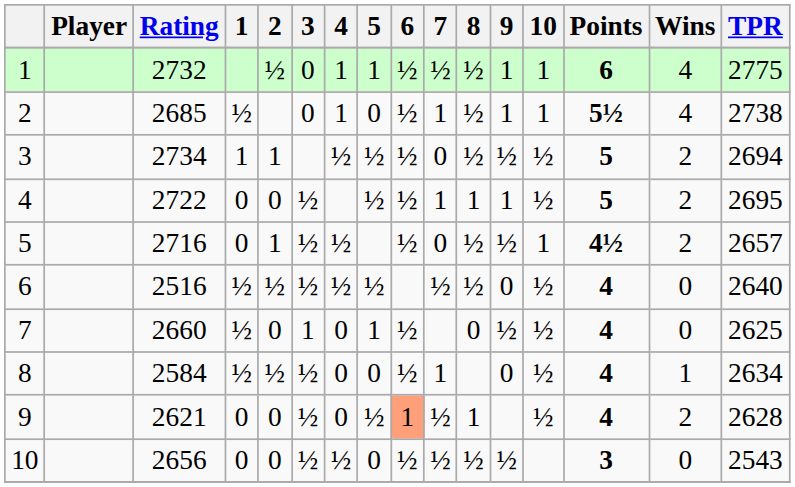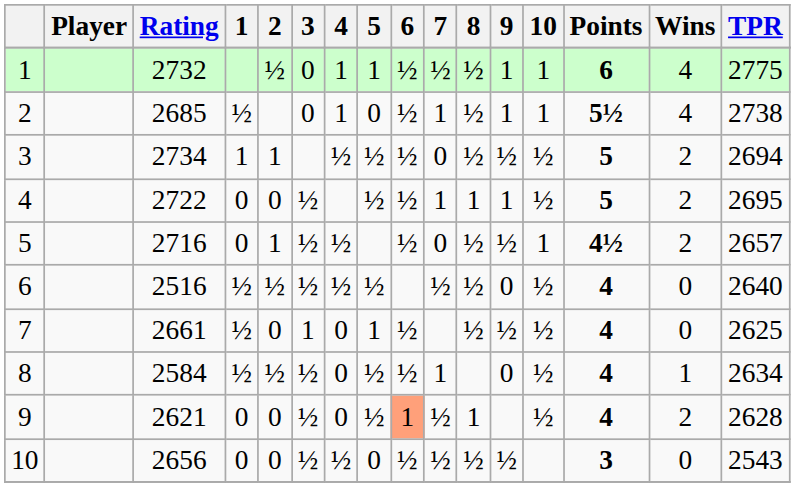 <table class="wikitable" style="text-align:center;">
 <tr>
 <th></th>
 <th>Player</th>
 <th><a href='#'>Rating</a></th>
 <th>1</th>
 <th>2</th>
 <th>3</th>
 <th>4</th>
 <th>5</th>
 <th>6</th>
 <th>7</th>
 <th>8</th>
 <th>9</th>
 <th>10</th>
 <th>Points</th>
 <th>Wins</th>
 <th><a href='#'>TPR</a></th>
 </tr>
 <tr>
 </tr>
 <tr style="background:#ccffcc;">
 <td>1</td>
 <td align=left><strong></strong></td>
 <td>2732</td>
 <td></td>
 <td>½</td>
 <td>0</td>
 <td>1</td>
 <td>1</td>
 <td>½</td>
 <td>½</td>
 <td>½</td>
 <td>1</td>
 <td>1</td>
 <td><strong>6</strong></td>
 <td>4</td>
 <td>2775</td>
 </tr>
 <tr>
 <td>2</td>
 <td align=left></td>
 <td>2685</td>
 <td>½</td>
 <td></td>
 <td>0</td>
 <td>1</td>
 <td>0</td>
 <td>½</td>
 <td>1</td>
 <td>½</td>
 <td>1</td>
 <td>1</td>
 <td><strong>5½</strong></td>
 <td>4</td>
 <td>2738</td>
 </tr>
 <tr>
 <td>3</td>
 <td align=left></td>
 <td>2734</td>
 <td>1</td>
 <td>1</td>
 <td></td>
 <td>½</td>
 <td>½</td>
 <td>½</td>
 <td>0</td>
 <td>½</td>
 <td>½</td>
 <td>½</td>
 <td><strong>5</strong></td>
 <td>2</td>
 <td>2694</td>
 </tr>
 <tr>
 <td>4</td>
 <td align=left></td>
 <td>2722</td>
 <td>0</td>
 <td>0</td>
 <td>½</td>
 <td></td>
 <td>½</td>
 <td>½</td>
 <td>1</td>
 <td>1</td>
 <td>1</td>
 <td>½</td>
 <td><strong>5</strong></td>
 <td>2</td>
 <td>2695</td>
 </tr>
 <tr>
 <td>5</td>
 <td align=left></td>
 <td>2716</td>
 <td>0</td>
 <td>1</td>
 <td>½</td>
 <td>½</td>
 <td></td>
 <td>½</td>
 <td>0</td>
 <td>½</td>
 <td>½</td>
 <td>1</td>
 <td><strong>4½</strong></td>
 <td>2</td>
 <td>2657</td>
 </tr>
 <tr>
 <td>6</td>
 <td align=left></td>
 <td>2516</td>
 <td>½</td>
 <td>½</td>
 <td>½</td>
 <td>½</td>
 <td>½</td>
 <td></td>
 <td>½</td>
 <td>½</td>
 <td>0</td>
 <td>½</td>
 <td><strong>4</strong></td>
 <td>0</td>
 <td>2640</td>
 </tr>
 <tr>
 <td>7</td>
 <td align=left></td>
-<td>2660</td>
+<td>2661</td>
 <td>½</td>
 <td>0</td>
 <td>1</td>
 <td>0</td>
 <td>1</td>
 <td>½</td>
 <td></td>
-<td>0</td>
+<td>½</td>
 <td>½</td>
 <td>½</td>
 <td><strong>4</strong></td>
 <td>0</td>
 <td>2625</td>
 </tr>
 <tr>
 <td>8</td>
 <td align=left></td>
 <td>2584</td>
 <td>½</td>
 <td>½</td>
 <td>½</td>
 <td>0</td>
-<td>0</td>
+<td>½</td>
 <td>½</td>
 <td>1</td>
 <td></td>
 <td>0</td>
 <td>½</td>
 <td><strong>4</strong></td>
 <td>1</td>
 <td>2634</td>
 </tr>
 <tr>
 <td>9</td>
 <td align=left></td>
 <td>2621</td>
 <td>0</td>
 <td>0</td>
 <td>½</td>
 <td>0</td>
 <td>½</td>
 <td style="background: lightsalmon;">1</td>
 <td>½</td>
 <td>1</td>
 <td></td>
 <td>½</td>
 <td><strong>4</strong></td>
 <td>2</td>
 <td>2628</td>
 </tr>
 <tr>
 <td>10</td>
 <td align=left></td>
 <td>2656</td>
 <td>0</td>
 <td>0</td>
 <td>½</td>
 <td>½</td>
 <td>0</td>
 <td>½</td>
 <td>½</td>
 <td>½</td>
 <td>½</td>
 <td></td>
 <td><strong>3</strong></td>
 <td>0</td>
 <td>2543</td>
 </tr>
 <tr>
 </tr>
 </table>
